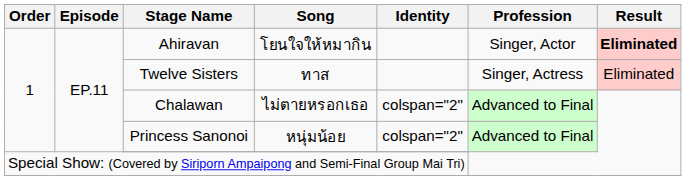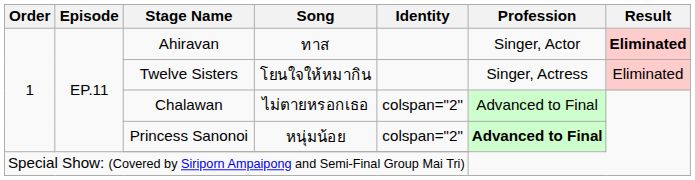 <table class="wikitable" style="text-align:center">
 <tr>
 <th>Order</th>
 <th>Episode</th>
 <th>Stage Name</th>
 <th>Song</th>
 <th>Identity</th>
 <th>Profession</th>
 <th>Result</th>
 </tr>
 <tr>
 <td rowspan="5">1</td>
 <td rowspan="5">EP.11</td>
 <td>Ahiravan</td>
-<td>โยนใจให้หมากิน</td>
+<td>ทาส</td>
 <td></td>
 <td>Singer, Actor</td>
 <td style="text-align:center; background:#ffcccc;"><strong>Eliminated</strong></td>
 </tr>
 <tr>
 <td>Twelve Sisters</td>
-<td>ทาส</td>
+<td>โยนใจให้หมากิน</td>
 <td></td>
 <td>Singer, Actress</td>
 <td style="text-align:center; background:#ffcccc;">Eliminated</td>
 </tr>
 <tr>
 <td>Chalawan</td>
 <td>ไม่ตายหรอกเธอ</td>
 <td>colspan="2"  </td>
 <td style="text-align:center; background:#ccffcc;">Advanced to Final</td>
 </tr>
 <tr>
 <td>Princess Sanonoi</td>
 <td>หนุ่มน้อย</td>
 <td>colspan="2"  </td>
-<td style="text-align:center; background:#ccffcc;">Advanced to Final</td>
+<td style="text-align:center; background:#ccffcc;"><strong>Advanced to Final</strong></td>
 </tr>
 <tr>
 </tr>
 <tr>
 <td colspan="5">Special Show:  <small>(Covered by <a href='#'>Siriporn Ampaipong</a> and Semi-Final Group Mai Tri)</small></td>
 </tr>
 </table>
